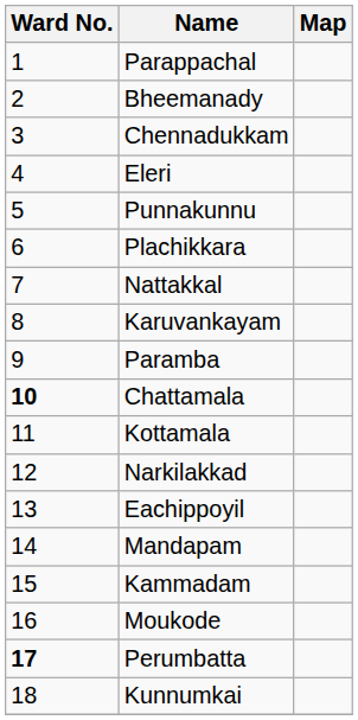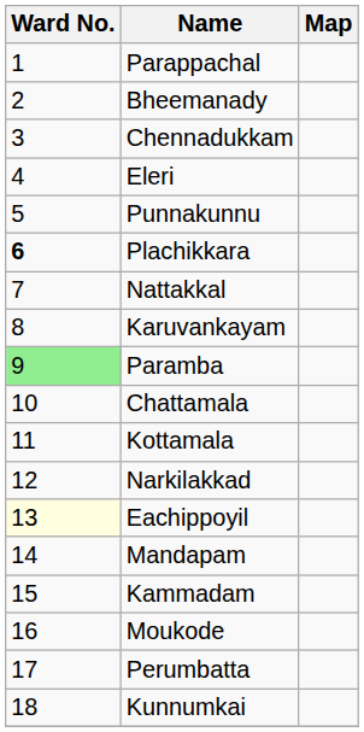 <table class="wikitable sortable">
 <tr>
 <th>Ward No.</th>
 <th>Name</th>
 <th>Map</th>
 </tr>
 <tr>
 <td>1</td>
 <td>Parappachal</td>
 <td></td>
 </tr>
 <tr>
 <td>2</td>
 <td>Bheemanady</td>
 <td></td>
 </tr>
 <tr>
 <td>3</td>
 <td>Chennadukkam</td>
 <td></td>
 </tr>
 <tr>
 <td>4</td>
 <td>Eleri</td>
 <td></td>
 </tr>
 <tr>
 <td>5</td>
 <td>Punnakunnu</td>
 <td></td>
 </tr>
 <tr>
-<td>6</td>
+<td><strong>6</strong></td>
 <td>Plachikkara</td>
 <td></td>
 </tr>
 <tr>
 <td>7</td>
 <td>Nattakkal</td>
 <td></td>
 </tr>
 <tr>
 <td>8</td>
 <td>Karuvankayam</td>
 <td></td>
 </tr>
 <tr>
-<td>9</td>
+<td style="background: lightgreen;">9</td>
 <td>Paramba</td>
 <td></td>
 </tr>
 <tr>
-<td><strong>10</strong></td>
+<td>10</td>
 <td>Chattamala</td>
 <td></td>
 </tr>
 <tr>
 <td>11</td>
 <td>Kottamala</td>
 <td></td>
 </tr>
 <tr>
 <td>12</td>
 <td>Narkilakkad</td>
 <td></td>
 </tr>
 <tr>
-<td>13</td>
+<td style="background: lightyellow;">13</td>
 <td>Eachippoyil</td>
 <td></td>
 </tr>
 <tr>
 <td>14</td>
 <td>Mandapam</td>
 <td></td>
 </tr>
 <tr>
 <td>15</td>
 <td>Kammadam</td>
 <td></td>
 </tr>
 <tr>
 <td>16</td>
 <td>Moukode</td>
 <td></td>
 </tr>
 <tr>
-<td><strong>17</strong></td>
+<td>17</td>
 <td>Perumbatta</td>
 <td></td>
 </tr>
 <tr>
 <td>18</td>
 <td>Kunnumkai</td>
 <td></td>
 </tr>
 <tr>
 </tr>
 </table>
